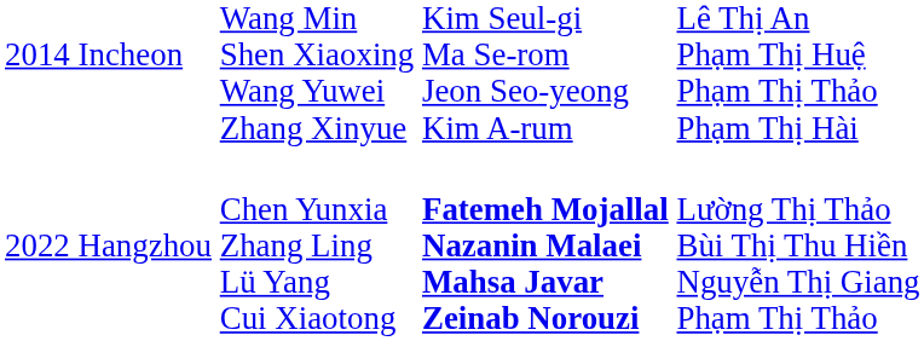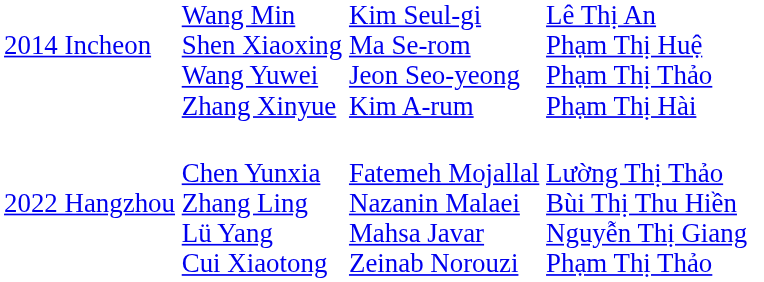 <table>
 <tr>
 <td><a href='#'>2014 Incheon</a></td>
 <td><br><a href='#'>Wang Min</a><br><a href='#'>Shen Xiaoxing</a><br><a href='#'>Wang Yuwei</a><br><a href='#'>Zhang Xinyue</a></td>
 <td><br><a href='#'>Kim Seul-gi</a><br><a href='#'>Ma Se-rom</a><br><a href='#'>Jeon Seo-yeong</a><br><a href='#'>Kim A-rum</a></td>
 <td><br><a href='#'>Lê Thị An</a><br><a href='#'>Phạm Thị Huệ</a><br><a href='#'>Phạm Thị Thảo</a><br><a href='#'>Phạm Thị Hài</a></td>
 </tr>
 <tr>
 <td><a href='#'>2022 Hangzhou</a></td>
 <td><br><a href='#'>Chen Yunxia</a><br><a href='#'>Zhang Ling</a><br><a href='#'>Lü Yang</a><br><a href='#'>Cui Xiaotong</a></td>
-<td><strong><br><a href='#'>Fatemeh Mojallal</a><br><a href='#'>Nazanin Malaei</a><br><a href='#'>Mahsa Javar</a><br><a href='#'>Zeinab Norouzi</a></strong></td>
+<td><br><a href='#'>Fatemeh Mojallal</a><br><a href='#'>Nazanin Malaei</a><br><a href='#'>Mahsa Javar</a><br><a href='#'>Zeinab Norouzi</a></td>
 <td><br><a href='#'>Lường Thị Thảo</a><br><a href='#'>Bùi Thị Thu Hiền</a><br><a href='#'>Nguyễn Thị Giang</a><br><a href='#'>Phạm Thị Thảo</a></td>
 </tr>
 </table>
